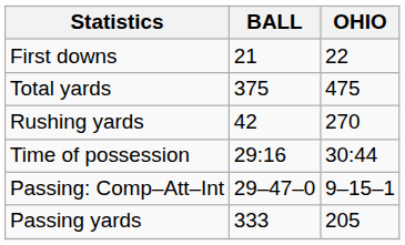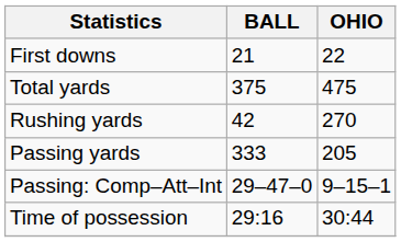 <table class="wikitable" style="float: left;">
 <tr>
 <th>Statistics</th>
 <th>BALL</th>
 <th>OHIO</th>
 </tr>
 <tr>
 <td>First downs</td>
 <td>21</td>
 <td>22</td>
 </tr>
 <tr>
 <td>Total yards</td>
 <td>375</td>
 <td>475</td>
 </tr>
 <tr>
 <td>Rushing yards</td>
 <td>42</td>
 <td>270</td>
 </tr>
 <tr>
-<td>Time of possession</td>
-<td>29:16</td>
-<td>30:44</td>
+<td>Passing yards</td>
+<td>333</td>
+<td>205</td>
 </tr>
 <tr>
 <td>Passing: Comp–Att–Int</td>
 <td>29–47–0</td>
 <td>9–15–1</td>
 </tr>
 <tr>
-<td>Passing yards</td>
-<td>333</td>
-<td>205</td>
+<td>Time of possession</td>
+<td>29:16</td>
+<td>30:44</td>
 </tr>
 <tr>
 </tr>
 </table>
